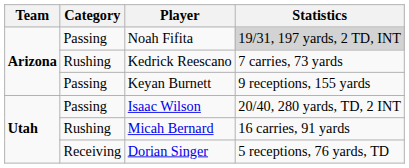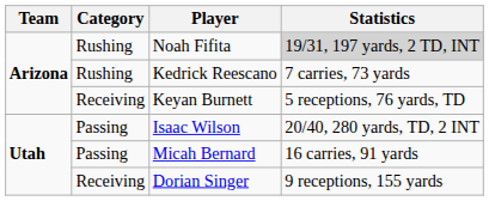 <table class="wikitable" style="float: right;">
 <tr>
 <th>Team</th>
 <th>Category</th>
 <th>Player</th>
 <th>Statistics</th>
 </tr>
 <tr>
 <td rowspan=3><strong>Arizona</strong></td>
-<td>Passing</td>
+<td>Rushing</td>
 <td>Noah Fifita</td>
 <td style="background: lightgrey;">19/31, 197 yards, 2 TD, INT</td>
 </tr>
 <tr>
 <td>Rushing</td>
 <td>Kedrick Reescano</td>
 <td>7 carries, 73 yards</td>
 </tr>
 <tr>
-<td>Passing</td>
+<td>Receiving</td>
 <td>Keyan Burnett</td>
-<td>9 receptions, 155 yards</td>
+<td>5 receptions, 76 yards, TD</td>
 </tr>
 <tr>
 <td rowspan=3><strong>Utah</strong></td>
 <td>Passing</td>
 <td><a href='#'>Isaac Wilson</a></td>
 <td>20/40, 280 yards, TD, 2 INT</td>
 </tr>
 <tr>
-<td>Rushing</td>
+<td>Passing</td>
 <td><a href='#'>Micah Bernard</a></td>
 <td>16 carries, 91 yards</td>
 </tr>
 <tr>
 <td>Receiving</td>
 <td><a href='#'>Dorian Singer</a></td>
-<td>5 receptions, 76 yards, TD</td>
+<td>9 receptions, 155 yards</td>
 </tr>
 </table>
